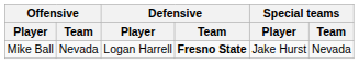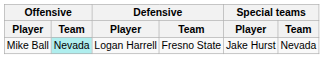 <table class="wikitable">
 <tr>
 <th colspan="2">Offensive</th>
 <th colspan="2">Defensive</th>
 <th colspan="2">Special teams</th>
 </tr>
 <tr>
 <th>Player</th>
 <th>Team</th>
 <th>Player</th>
 <th>Team</th>
 <th>Player</th>
 <th>Team</th>
 </tr>
 <tr>
 <td>Mike Ball</td>
-<td>Nevada</td>
+<td style="background: paleturquoise;">Nevada</td>
 <td>Logan Harrell</td>
-<td><strong>Fresno State</strong></td>
+<td>Fresno State</td>
 <td>Jake Hurst</td>
 <td>Nevada</td>
 </tr>
 </table>
